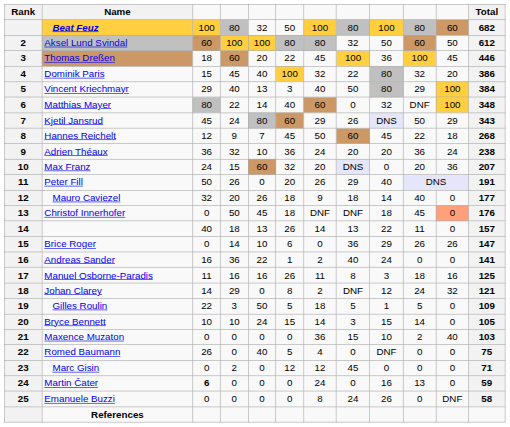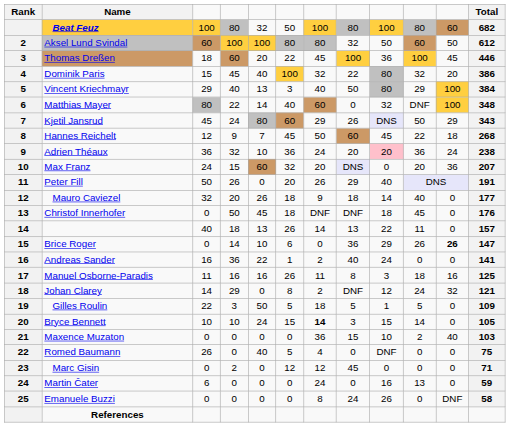 <table class="wikitable" width=65% style="font-size:100%; text-align:center;">
 <tr>
 <th>Rank</th>
 <th>Name</th>
 <td><br> </td>
 <td><br> </td>
 <td><br> </td>
 <td><br> </td>
 <td><br></td>
 <td><br> </td>
 <td><br> </td>
 <td><br> </td>
 <td><br> </td>
 <th>Total</th>
 </tr>
 <tr>
 <th></th>
 <td align=left bgcolor=ffcf40>   <strong><em><a href='#'>Beat Feuz</a></em></strong></td>
 <td bgcolor=ffcf40>100</td>
 <td bgcolor=c0c0c0>80</td>
 <td>32</td>
 <td>50</td>
 <td bgcolor=ffcf40>100</td>
 <td bgcolor=c0c0c0>80</td>
 <td bgcolor=ffcf40>100</td>
 <td bgcolor=c0c0c0>80</td>
 <td bgcolor=cc9966>60</td>
 <th>682</th>
 </tr>
 <tr>
 <th>2</th>
 <td align=left bgcolor=c0c0c0> <a href='#'>Aksel Lund Svindal</a></td>
 <td bgcolor=cc9966>60</td>
 <td bgcolor=ffcf40>100</td>
 <td bgcolor=ffcf40>100</td>
 <td bgcolor=c0c0c0>80</td>
 <td bgcolor=c0c0c0>80</td>
 <td>32</td>
 <td>50</td>
 <td bgcolor=cc9966>60</td>
 <td>50</td>
 <th>612</th>
 </tr>
 <tr>
 <th>3</th>
 <td align=left bgcolor=cc9966> <a href='#'>Thomas Dreßen</a></td>
 <td>18</td>
 <td bgcolor=cc9966>60</td>
 <td>20</td>
 <td>22</td>
 <td>45</td>
 <td bgcolor=ffcf40>100</td>
 <td>36</td>
 <td bgcolor=ffcf40>100</td>
 <td>45</td>
 <th>446</th>
 </tr>
 <tr>
 <th>4</th>
 <td align=left> <a href='#'>Dominik Paris</a></td>
 <td>15</td>
 <td>45</td>
 <td>40</td>
 <td bgcolor=ffcf40>100</td>
 <td>32</td>
 <td>22</td>
 <td bgcolor=c0c0c0>80</td>
 <td>32</td>
 <td>20</td>
 <th>386</th>
 </tr>
 <tr>
 <th>5</th>
 <td align=left> <a href='#'>Vincent Kriechmayr</a></td>
 <td>29</td>
 <td>40</td>
 <td>13</td>
 <td>3</td>
 <td>40</td>
 <td>50</td>
 <td bgcolor=c0c0c0>80</td>
 <td>29</td>
 <td bgcolor=ffcf40>100</td>
 <th>384</th>
 </tr>
 <tr>
 <th>6</th>
 <td align=left> <a href='#'>Matthias Mayer</a></td>
 <td bgcolor=c0c0c0>80</td>
 <td>22</td>
 <td>14</td>
 <td>40</td>
 <td bgcolor=cc9966>60</td>
 <td>0</td>
 <td>32</td>
 <td>DNF</td>
 <td bgcolor=ffcf40>100</td>
 <th>348</th>
 </tr>
 <tr>
 <th>7</th>
 <td align=left> <a href='#'>Kjetil Jansrud</a></td>
 <td>45</td>
 <td>24</td>
 <td bgcolor=c0c0c0>80</td>
 <td bgcolor=cc9966>60</td>
 <td>29</td>
 <td>26</td>
 <td bgcolor=lavender>DNS</td>
 <td>50</td>
 <td>29</td>
 <th>343</th>
 </tr>
 <tr>
 <th>8</th>
 <td align=left> <a href='#'>Hannes Reichelt</a></td>
 <td>12</td>
 <td>9</td>
 <td>7</td>
 <td>45</td>
 <td>50</td>
 <td bgcolor=cc9966>60</td>
 <td>45</td>
 <td>22</td>
 <td>18</td>
 <th>268</th>
 </tr>
 <tr>
 <th>9</th>
 <td align=left> <a href='#'>Adrien Théaux</a></td>
 <td>36</td>
 <td>32</td>
 <td>10</td>
 <td>36</td>
 <td>24</td>
 <td>20</td>
-<td>20</td>
+<td style="background: pink;">20</td>
 <td>36</td>
 <td>24</td>
 <th>238</th>
 </tr>
 <tr>
 <th>10</th>
 <td align=left> <a href='#'>Max Franz</a></td>
 <td>24</td>
 <td>15</td>
 <td bgcolor=cc9966>60</td>
 <td>32</td>
 <td>20</td>
 <td bgcolor=lavender>DNS</td>
 <td>0</td>
 <td>20</td>
 <td>36</td>
 <th>207</th>
 </tr>
 <tr>
 <th>11</th>
 <td align=left> <a href='#'>Peter Fill</a></td>
 <td>50</td>
 <td>26</td>
 <td>0</td>
 <td>20</td>
 <td>26</td>
 <td>29</td>
 <td>40</td>
 <td colspan=2 bgcolor=lavender>DNS</td>
 <th>191</th>
 </tr>
 <tr>
 <th>12</th>
 <td align=left>   <a href='#'>Mauro Caviezel</a></td>
 <td>32</td>
 <td>20</td>
 <td>26</td>
 <td>18</td>
 <td>9</td>
 <td>18</td>
 <td>14</td>
 <td>40</td>
 <td>0</td>
 <th>177</th>
 </tr>
 <tr>
 <th>13</th>
 <td align=left> <a href='#'>Christof Innerhofer</a></td>
 <td>0</td>
 <td>50</td>
 <td>45</td>
 <td>18</td>
 <td>DNF</td>
 <td>DNF</td>
 <td>18</td>
 <td>45</td>
-<td style="background: lightsalmon;">0</td>
+<td>0</td>
 <th>176</th>
 </tr>
 <tr>
 <th>14</th>
 <td align=left></td>
 <td>40</td>
 <td>18</td>
 <td>13</td>
 <td>26</td>
 <td>14</td>
 <td>13</td>
 <td>22</td>
 <td>11</td>
 <td>0</td>
 <th>157</th>
 </tr>
 <tr>
 <th>15</th>
 <td align=left> <a href='#'>Brice Roger</a></td>
 <td>0</td>
 <td>14</td>
 <td>10</td>
 <td>6</td>
 <td>0</td>
 <td>36</td>
 <td>29</td>
 <td>26</td>
-<td>26</td>
+<td><strong>26</strong></td>
 <th>147</th>
 </tr>
 <tr>
 <th>16</th>
 <td align=left> <a href='#'>Andreas Sander</a></td>
 <td>16</td>
 <td>36</td>
 <td>22</td>
 <td>1</td>
 <td>2</td>
 <td>40</td>
 <td>24</td>
 <td>0</td>
 <td>0</td>
 <th>141</th>
 </tr>
 <tr>
 <th>17</th>
 <td align=left> <a href='#'>Manuel Osborne-Paradis</a></td>
 <td>11</td>
 <td>16</td>
 <td>16</td>
 <td>26</td>
 <td>11</td>
 <td>8</td>
 <td>3</td>
 <td>18</td>
 <td>16</td>
 <th>125</th>
 </tr>
 <tr>
 <th>18</th>
 <td align=left> <a href='#'>Johan Clarey</a></td>
 <td>14</td>
 <td>29</td>
 <td>0</td>
 <td>8</td>
 <td>2</td>
 <td>DNF</td>
 <td>12</td>
 <td>24</td>
 <td>32</td>
 <th>121</th>
 </tr>
 <tr>
 <th>19</th>
 <td align=left>   <a href='#'>Gilles Roulin</a></td>
 <td>22</td>
 <td>3</td>
 <td>50</td>
 <td>5</td>
 <td>18</td>
 <td>5</td>
 <td>1</td>
 <td>5</td>
 <td>0</td>
 <th>109</th>
 </tr>
 <tr>
 <th>20</th>
 <td align=left> <a href='#'>Bryce Bennett</a></td>
 <td>10</td>
 <td>10</td>
 <td>24</td>
 <td>15</td>
-<td>14</td>
+<td><strong>14</strong></td>
 <td>3</td>
 <td>15</td>
 <td>14</td>
 <td>0</td>
 <th>105</th>
 </tr>
 <tr>
 <th>21</th>
 <td align=left> <a href='#'>Maxence Muzaton</a></td>
 <td>0</td>
 <td>0</td>
 <td>0</td>
 <td>0</td>
 <td>36</td>
 <td>15</td>
 <td>10</td>
 <td>2</td>
 <td>40</td>
 <th>103</th>
 </tr>
 <tr>
 <th>22</th>
 <td align=left> <a href='#'>Romed Baumann</a></td>
 <td>26</td>
 <td>0</td>
 <td>40</td>
 <td>5</td>
 <td>4</td>
 <td>0</td>
 <td>DNF</td>
 <td>0</td>
 <td>0</td>
 <th>75</th>
 </tr>
 <tr>
 <th>23</th>
 <td align=left>   <a href='#'>Marc Gisin</a></td>
 <td>0</td>
 <td>2</td>
 <td>0</td>
 <td>12</td>
 <td>12</td>
 <td>45</td>
 <td>0</td>
 <td>0</td>
 <td>0</td>
 <th>71</th>
 </tr>
 <tr>
 <th>24</th>
 <td align=left> <a href='#'>Martin Čater</a></td>
-<td><strong>6</strong></td>
+<td>6</td>
 <td>0</td>
 <td>0</td>
 <td>0</td>
 <td>24</td>
 <td>0</td>
 <td>16</td>
 <td>13</td>
 <td>0</td>
 <th>59</th>
 </tr>
 <tr>
 <th>25</th>
 <td align=left> <a href='#'>Emanuele Buzzi</a></td>
 <td>0</td>
 <td>0</td>
 <td>0</td>
 <td>0</td>
 <td>8</td>
 <td>24</td>
 <td>26</td>
 <td>0</td>
 <td>DNF</td>
 <th>58</th>
 </tr>
 <tr>
 <th></th>
 <td align=center><strong>References</strong></td>
 <td></td>
 <td></td>
 <td></td>
 <td></td>
 <td></td>
 <td></td>
 <td></td>
 <td></td>
 <td></td>
 </tr>
 </table>
